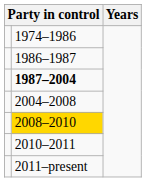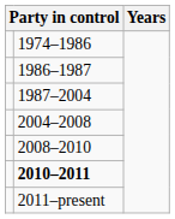 <table class="wikitable">
 <tr>
 <th colspan=2>Party in control</th>
 <th>Years</th>
 </tr>
 <tr>
 <td></td>
 <td>1974–1986</td>
 </tr>
 <tr>
 <td></td>
 <td>1986–1987</td>
 </tr>
 <tr>
 <td></td>
-<td><strong>1987–2004</strong></td>
+<td>1987–2004</td>
 </tr>
 <tr>
 <td></td>
 <td>2004–2008</td>
 </tr>
 <tr>
 <td></td>
-<td style="background: gold;">2008–2010</td>
+<td>2008–2010</td>
 </tr>
 <tr>
 <td></td>
-<td>2010–2011</td>
+<td><strong>2010–2011</strong></td>
 </tr>
 <tr>
 <td></td>
 <td>2011–present</td>
 </tr>
 </table>
